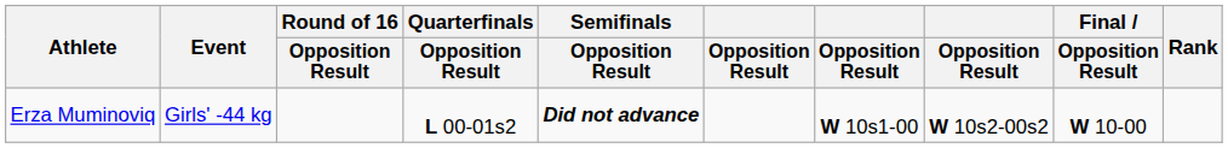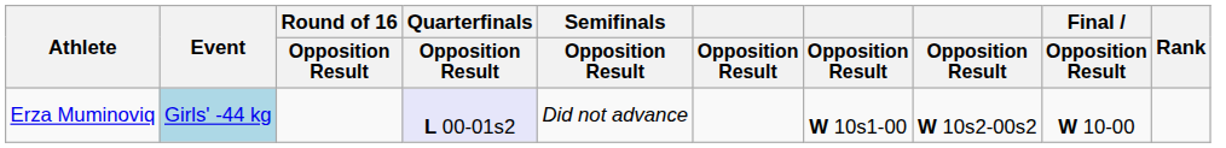 <table class="wikitable" style="font-size:90%">
 <tr>
 <th rowspan="2">Athlete</th>
 <th rowspan="2">Event</th>
 <th>Round of 16</th>
 <th>Quarterfinals</th>
 <th>Semifinals</th>
 <th></th>
 <th></th>
 <th></th>
 <th>Final / </th>
 <th rowspan=2>Rank</th>
 </tr>
 <tr style="font-size:95%">
 <th>Opposition<br>Result</th>
 <th>Opposition<br>Result</th>
 <th>Opposition<br>Result</th>
 <th>Opposition<br>Result</th>
 <th>Opposition<br>Result</th>
 <th>Opposition<br>Result</th>
 <th>Opposition<br>Result</th>
 </tr>
 <tr align=center>
 <td align=left><a href='#'>Erza Muminoviq</a></td>
-<td align=left><a href='#'>Girls' -44 kg</a></td>
+<td align=left style="background: lightblue;"><a href='#'>Girls' -44 kg</a></td>
 <td></td>
-<td><br> <strong>L</strong> 00-01s2</td>
-<td><strong><em>Did not advance</em></strong></td>
+<td style="background: lavender;"><br> <strong>L</strong> 00-01s2</td>
+<td><em>Did not advance</em></td>
 <td></td>
 <td><br> <strong>W</strong> 10s1-00</td>
 <td><br> <strong>W</strong> 10s2-00s2</td>
 <td><br> <strong>W</strong> 10-00</td>
 <td></td>
 </tr>
 </table>
